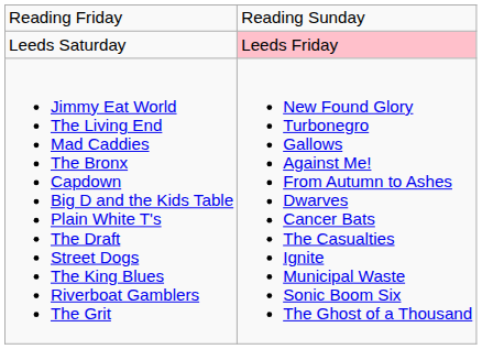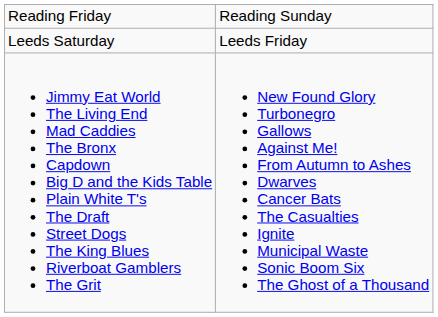 <table class="wikitable">
 <tr>
 <td>Reading Friday</td>
 <td>Reading Sunday</td>
 </tr>
 <tr>
 <td>Leeds Saturday</td>
-<td style="background: pink;">Leeds Friday</td>
+<td>Leeds Friday</td>
 </tr>
 <tr>
 <td><br><ul><li><a href='#'>Jimmy Eat World</a></li><li><a href='#'>The Living End</a></li><li><a href='#'>Mad Caddies</a></li><li><a href='#'>The Bronx</a></li><li><a href='#'>Capdown</a></li><li><a href='#'>Big D and the Kids Table</a></li><li><a href='#'>Plain White T's</a></li><li><a href='#'>The Draft</a></li><li><a href='#'>Street Dogs</a></li><li><a href='#'>The King Blues</a></li><li><a href='#'>Riverboat Gamblers</a></li><li><a href='#'>The Grit</a></li></ul></td>
 <td><br><ul><li><a href='#'>New Found Glory</a></li><li><a href='#'>Turbonegro</a></li><li><a href='#'>Gallows</a></li><li><a href='#'>Against Me!</a></li><li><a href='#'>From Autumn to Ashes</a></li><li><a href='#'>Dwarves</a></li><li><a href='#'>Cancer Bats</a></li><li><a href='#'>The Casualties</a></li><li><a href='#'>Ignite</a></li><li><a href='#'>Municipal Waste</a></li><li><a href='#'>Sonic Boom Six</a></li><li><a href='#'>The Ghost of a Thousand</a></li></ul></td>
 </tr>
 </table>
